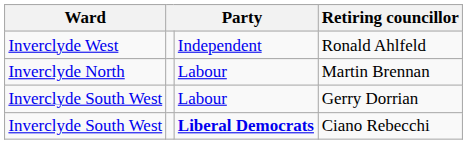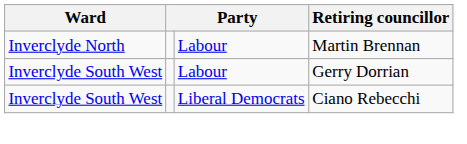 <table class="wikitable sortable">
 <tr>
 <th>Ward</th>
 <th colspan="2">Party</th>
 <th>Retiring councillor</th>
-</tr>
-<tr>
-<td><a href='#'>Inverclyde West</a></td>
-<td style="background-color: "></td>
-<td><a href='#'>Independent</a></td>
-<td>Ronald Ahlfeld</td>
 </tr>
 <tr>
 <td><a href='#'>Inverclyde North</a></td>
 <td style="background-color: "></td>
 <td><a href='#'>Labour</a></td>
 <td>Martin Brennan</td>
 </tr>
 <tr>
 <td><a href='#'>Inverclyde South West</a></td>
 <td style="background-color: "></td>
 <td><a href='#'>Labour</a></td>
 <td>Gerry Dorrian</td>
 </tr>
 <tr>
 <td><a href='#'>Inverclyde South West</a></td>
 <td style="background-color: "></td>
-<td><strong><a href='#'>Liberal Democrats</a></strong></td>
+<td><a href='#'>Liberal Democrats</a></td>
 <td>Ciano Rebecchi</td>
 </tr>
 </table>
